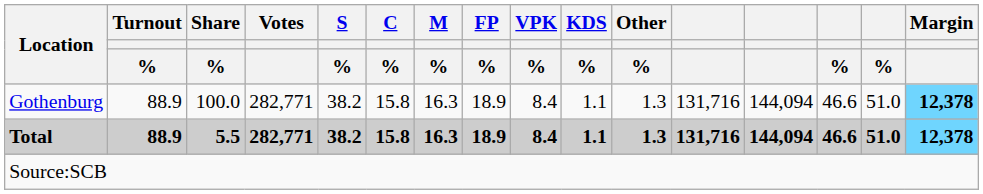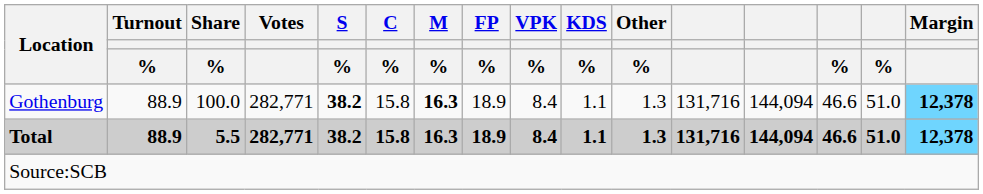 <table class="wikitable sortable" style="text-align:right; font-size:95%; line-height:20px;">
 <tr>
 <th rowspan="3">Location</th>
 <th>Turnout</th>
 <th>Share</th>
 <th>Votes</th>
 <th width="30px" class="unsortable"><a href='#'>S</a></th>
 <th width="30px" class="unsortable"><a href='#'>C</a></th>
 <th width="30px" class="unsortable"><a href='#'>M</a></th>
 <th width="30px" class="unsortable"><a href='#'>FP</a></th>
 <th width="30px" class="unsortable"><a href='#'>VPK</a></th>
 <th width="30px" class="unsortable"><a href='#'>KDS</a></th>
 <th width="30px" class="unsortable">Other</th>
 <th></th>
 <th></th>
 <th></th>
 <th></th>
 <th>Margin</th>
 </tr>
 <tr>
 <th></th>
 <th></th>
 <th></th>
 <th style="background:"></th>
 <th style="background:"></th>
 <th style="background:"></th>
 <th style="background:"></th>
 <th style="background:"></th>
 <th style="background:"></th>
 <th style="background:"></th>
 <th style="background:"></th>
 <th style="background:"></th>
 <th style="background:"></th>
 <th style="background:"></th>
 <th></th>
 </tr>
 <tr>
 <th data-sort-type="number">%</th>
 <th data-sort-type="number">%</th>
 <th></th>
 <th data-sort-type="number">%</th>
 <th data-sort-type="number">%</th>
 <th data-sort-type="number">%</th>
 <th data-sort-type="number">%</th>
 <th data-sort-type="number">%</th>
 <th data-sort-type="number">%</th>
 <th data-sort-type="number">%</th>
 <th data-sort-type="number"></th>
 <th data-sort-type="number"></th>
 <th data-sort-type="number">%</th>
 <th data-sort-type="number">%</th>
 <th data-sort-type="number"></th>
 </tr>
 <tr>
 <td align=left><a href='#'>Gothenburg</a></td>
 <td>88.9</td>
 <td>100.0</td>
 <td>282,771</td>
-<td>38.2</td>
+<td><strong>38.2</strong></td>
 <td>15.8</td>
-<td>16.3</td>
+<td><strong>16.3</strong></td>
 <td>18.9</td>
 <td>8.4</td>
 <td>1.1</td>
 <td>1.3</td>
 <td>131,716</td>
 <td>144,094</td>
 <td>46.6</td>
 <td>51.0</td>
 <td bgcolor=#6fd5fe><strong>12,378</strong></td>
 </tr>
 <tr style="background:#CDCDCD;">
 <td align=left><strong>Total</strong></td>
 <td><strong>88.9</strong></td>
 <td><strong>5.5</strong></td>
 <td><strong>282,771</strong></td>
 <td><strong>38.2</strong></td>
 <td><strong>15.8</strong></td>
 <td><strong>16.3</strong></td>
 <td><strong>18.9</strong></td>
 <td><strong>8.4</strong></td>
 <td><strong>1.1</strong></td>
 <td><strong>1.3</strong></td>
 <td><strong>131,716</strong></td>
 <td><strong>144,094</strong></td>
 <td><strong>46.6</strong></td>
 <td><strong>51.0</strong></td>
 <td bgcolor=#6fd5fe><strong>12,378</strong></td>
 </tr>
 <tr>
 <td align=left colspan=16>Source:SCB </td>
 </tr>
 </table>
